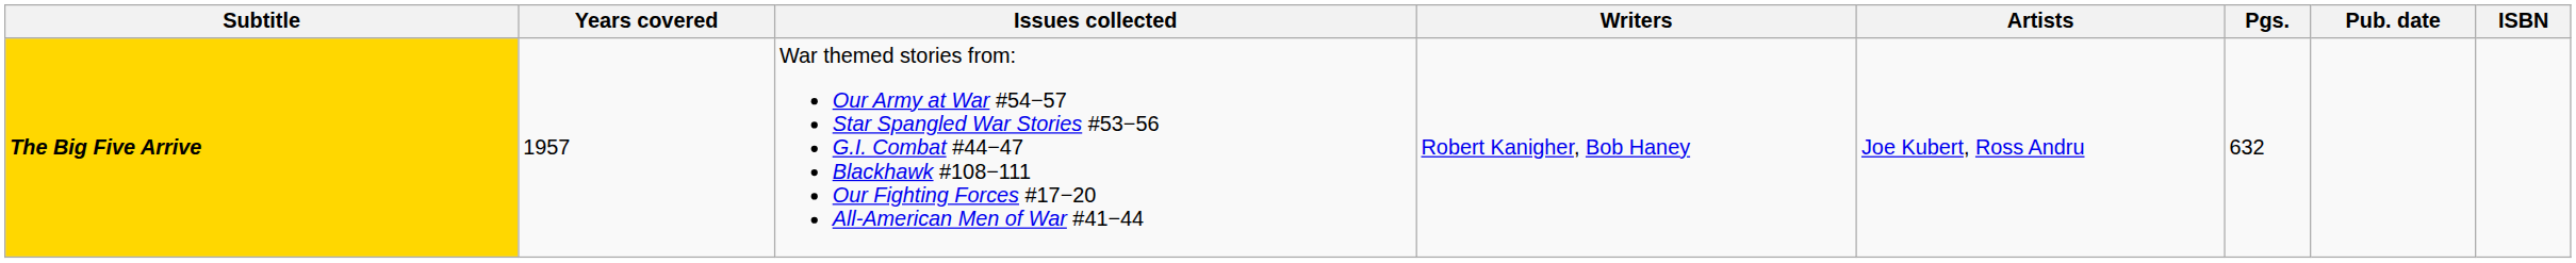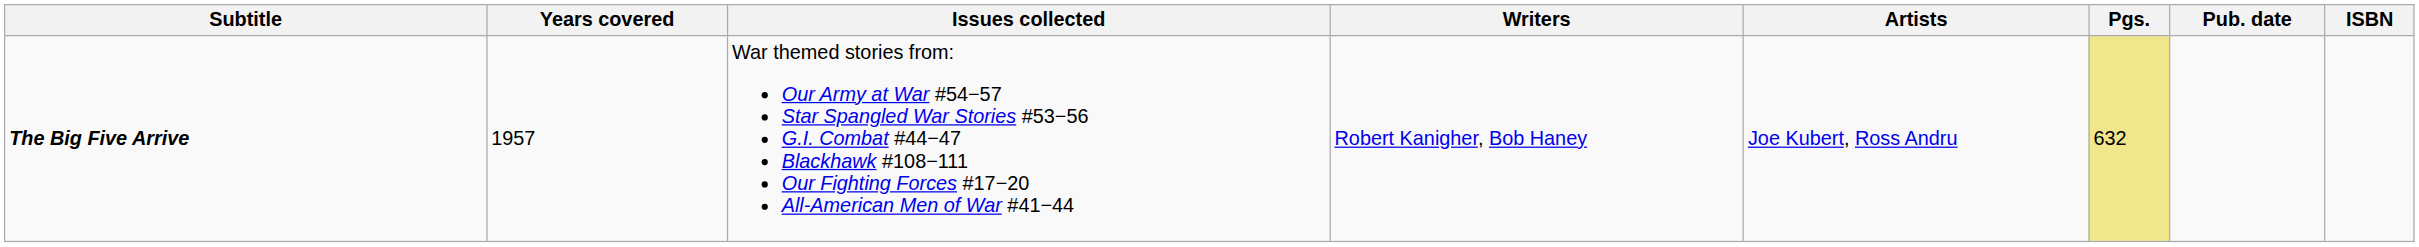 <table class="wikitable sortable" width=98%>
 <tr>
 <th class="unsortable" width="20%">Subtitle</th>
 <th width="10%">Years covered</th>
 <th width="25%">Issues collected</th>
 <th class="unsortable">Writers</th>
 <th class="unsortable">Artists</th>
 <th>Pgs.</th>
 <th>Pub. date</th>
 <th class="unsortable">ISBN</th>
 </tr>
 <tr>
-<td style="background: gold;"><strong><em>The Big Five Arrive</em></strong></td>
+<td><strong><em>The Big Five Arrive</em></strong></td>
 <td>1957</td>
 <td>War themed stories from:<br><ul><li><em><a href='#'>Our Army at War</a></em> #54−57</li><li><em><a href='#'>Star Spangled War Stories</a></em> #53−56</li><li><em><a href='#'>G.I. Combat</a></em> #44−47</li><li><em><a href='#'>Blackhawk</a></em> #108−111</li><li><em><a href='#'>Our Fighting Forces</a></em> #17−20</li><li><em><a href='#'>All-American Men of War</a></em> #41−44</li></ul></td>
 <td><a href='#'>Robert Kanigher</a>, <a href='#'>Bob Haney</a></td>
 <td><a href='#'>Joe Kubert</a>, <a href='#'>Ross Andru</a></td>
-<td>632</td>
+<td style="background: khaki;">632</td>
 <td></td>
 <td></td>
 </tr>
 </table>
